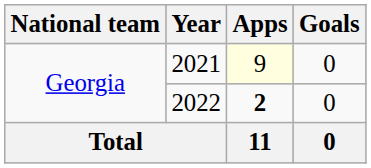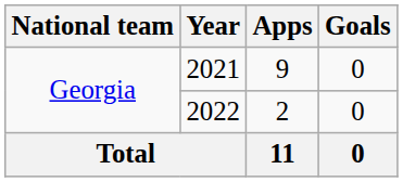 <table class="wikitable" style="text-align:center">
 <tr>
 <th>National team</th>
 <th>Year</th>
 <th>Apps</th>
 <th>Goals</th>
 </tr>
 <tr>
 <td rowspan="2"><a href='#'>Georgia</a></td>
 <td>2021</td>
-<td style="background: lightyellow;">9</td>
+<td>9</td>
 <td>0</td>
 </tr>
 <tr>
 <td>2022</td>
-<td><strong>2</strong></td>
+<td>2</td>
 <td>0</td>
 </tr>
 <tr>
 <th colspan="2">Total</th>
 <th>11</th>
 <th>0</th>
 </tr>
 </table>
